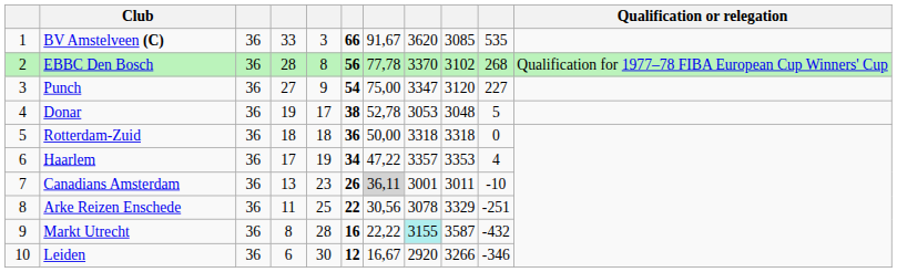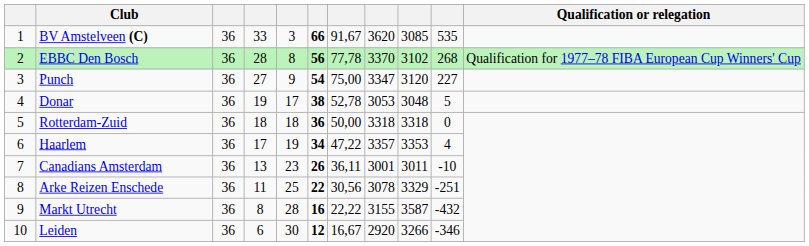 <table class="wikitable" style="text-align:center;">
 <tr>
 <th width="30"></th>
 <th width="200">Club</th>
 <th width="30"></th>
 <th width="30"></th>
 <th width="30"></th>
 <th><strong></strong></th>
 <th></th>
 <th width="30"></th>
 <th width="30"></th>
 <th width="30"></th>
 <th>Qualification or relegation</th>
 </tr>
 <tr>
 <td>1</td>
 <td align="left"><a href='#'>BV Amstelveen</a> <strong>(C)</strong></td>
 <td>36</td>
 <td>33</td>
 <td>3</td>
 <td><strong>66</strong></td>
 <td>91,67</td>
 <td>3620</td>
 <td>3085</td>
 <td>535</td>
 <td></td>
 </tr>
 <tr bgcolor="#BBF3BB">
 <td>2</td>
 <td align="left"><a href='#'>EBBC Den Bosch</a></td>
 <td>36</td>
 <td>28</td>
 <td>8</td>
 <td><strong>56</strong></td>
 <td>77,78</td>
 <td>3370</td>
 <td>3102</td>
 <td>268</td>
 <td>Qualification for <a href='#'>1977–78 FIBA European Cup Winners' Cup</a></td>
 </tr>
 <tr>
 <td>3</td>
 <td align="left"><a href='#'>Punch</a></td>
 <td>36</td>
 <td>27</td>
 <td>9</td>
 <td><strong>54</strong></td>
 <td>75,00</td>
 <td>3347</td>
 <td>3120</td>
 <td>227</td>
 <td></td>
 </tr>
 <tr>
 <td>4</td>
 <td align="left"><a href='#'>Donar</a></td>
 <td>36</td>
 <td>19</td>
 <td>17</td>
 <td><strong>38</strong></td>
 <td>52,78</td>
 <td>3053</td>
 <td>3048</td>
 <td>5</td>
 <td></td>
 </tr>
 <tr>
 <td>5</td>
 <td align="left"><a href='#'>Rotterdam-Zuid</a></td>
 <td>36</td>
 <td>18</td>
 <td>18</td>
 <td><strong>36</strong></td>
 <td>50,00</td>
 <td>3318</td>
 <td>3318</td>
 <td>0</td>
 <td rowspan="6"></td>
 </tr>
 <tr>
 <td>6</td>
 <td align="left"><a href='#'>Haarlem</a></td>
 <td>36</td>
 <td>17</td>
 <td>19</td>
 <td><strong>34</strong></td>
 <td>47,22</td>
 <td>3357</td>
 <td>3353</td>
 <td>4</td>
 </tr>
 <tr>
 <td>7</td>
 <td align="left"><a href='#'>Canadians Amsterdam</a></td>
 <td>36</td>
 <td>13</td>
 <td>23</td>
 <td><strong>26</strong></td>
-<td style="background: lightgrey;">36,11</td>
+<td>36,11</td>
 <td>3001</td>
 <td>3011</td>
 <td>-10</td>
 </tr>
 <tr>
 <td>8</td>
 <td align="left"><a href='#'>Arke Reizen Enschede</a></td>
 <td>36</td>
 <td>11</td>
 <td>25</td>
 <td><strong>22</strong></td>
 <td>30,56</td>
 <td>3078</td>
 <td>3329</td>
 <td>-251</td>
 </tr>
 <tr>
 <td>9</td>
 <td align="left"><a href='#'>Markt Utrecht</a></td>
 <td>36</td>
 <td>8</td>
 <td>28</td>
 <td><strong>16</strong></td>
 <td>22,22</td>
-<td style="background: paleturquoise;">3155</td>
+<td>3155</td>
 <td>3587</td>
 <td>-432</td>
 </tr>
 <tr>
 <td>10</td>
 <td align="left"><a href='#'>Leiden</a></td>
 <td>36</td>
 <td>6</td>
 <td>30</td>
 <td><strong>12</strong></td>
 <td>16,67</td>
 <td>2920</td>
 <td>3266</td>
 <td>-346</td>
 </tr>
 </table>
